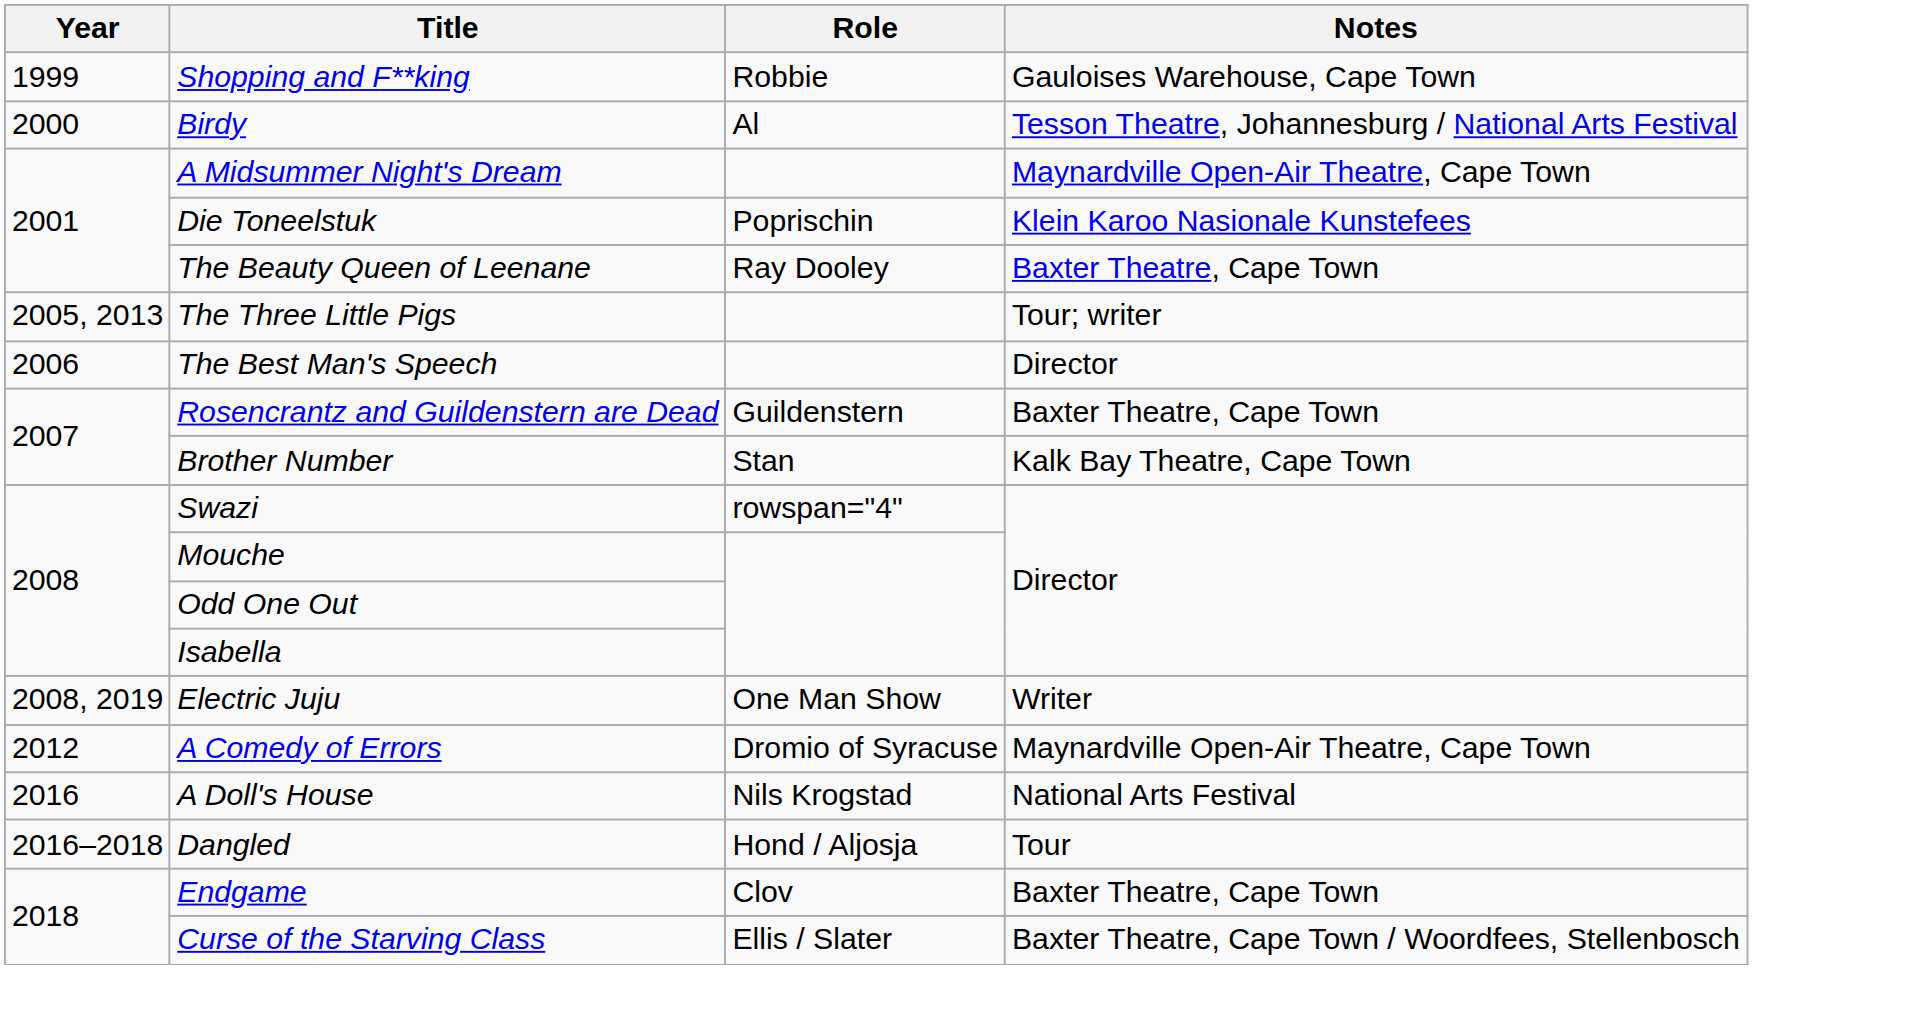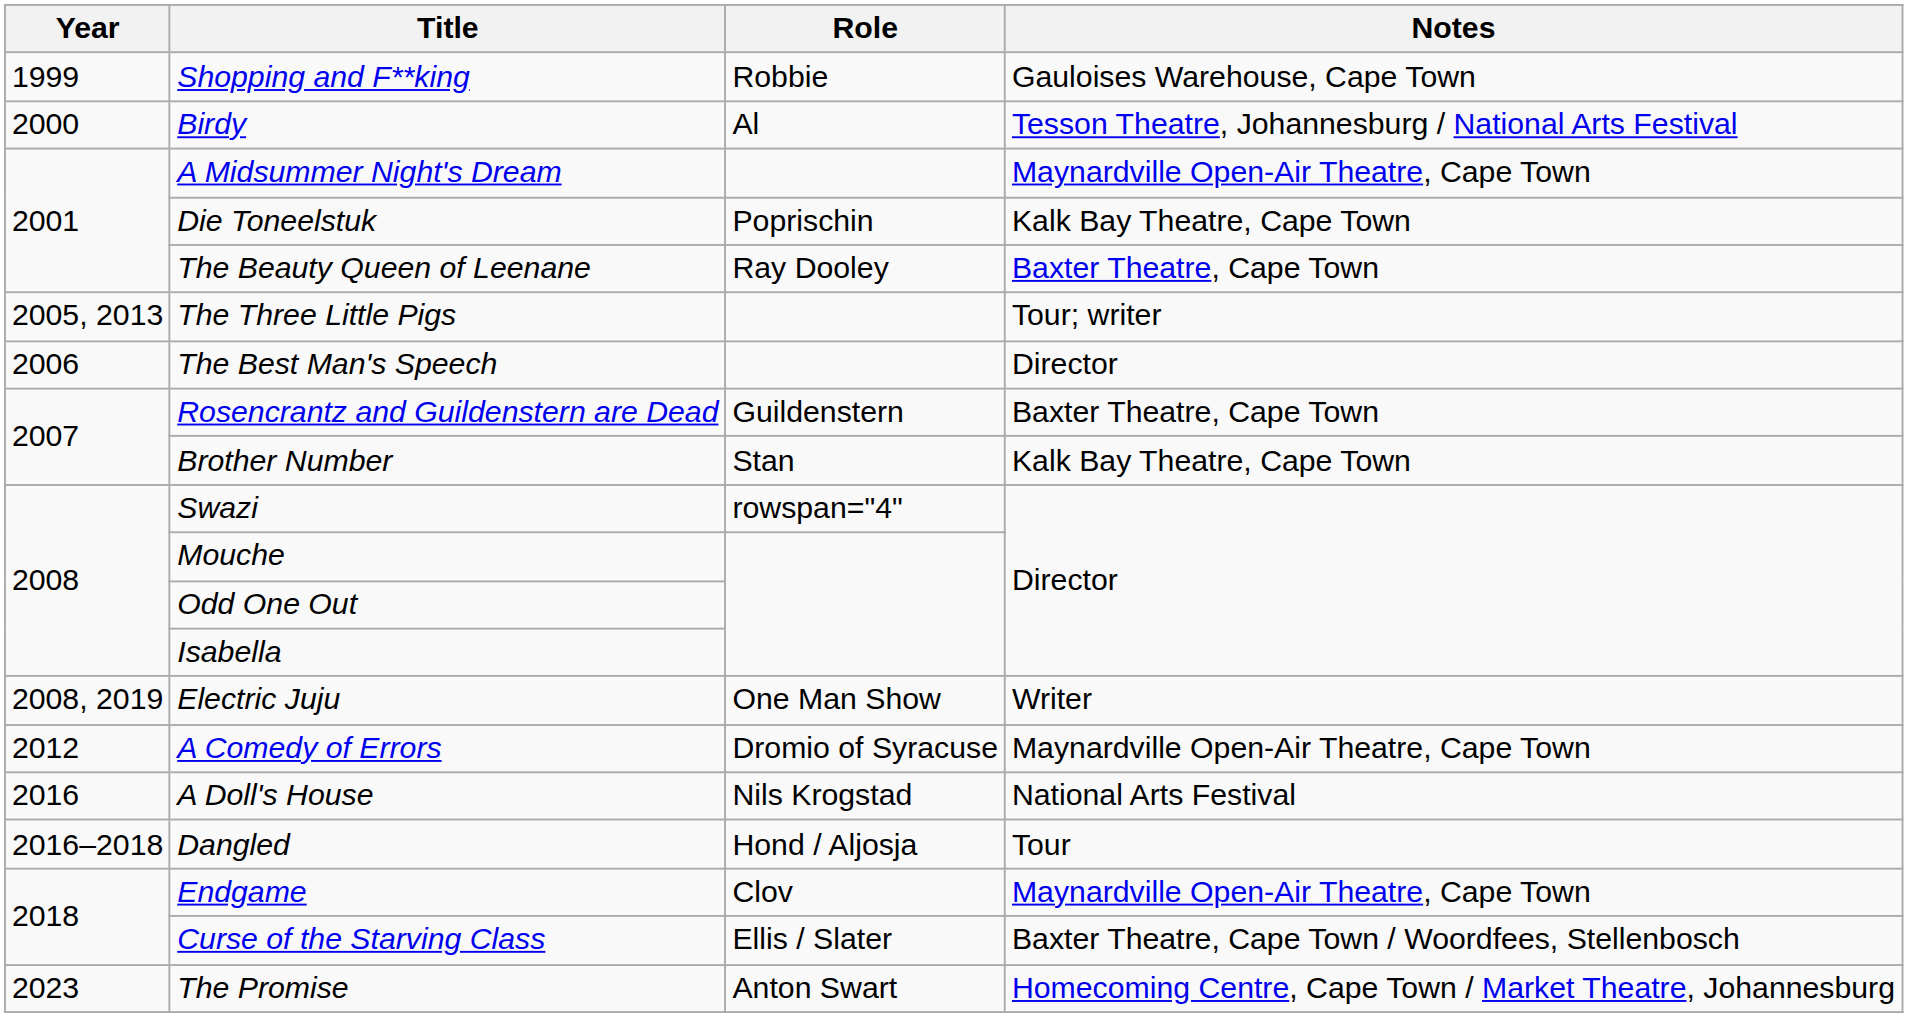 <table class="wikitable sortable">
 <tr>
 <th>Year</th>
 <th>Title</th>
 <th>Role</th>
 <th class="unsortable">Notes</th>
 </tr>
 <tr>
 <td>1999</td>
 <td><em><a href='#'>Shopping and F**king</a></em></td>
 <td>Robbie</td>
 <td>Gauloises Warehouse, Cape Town</td>
 </tr>
 <tr>
 <td>2000</td>
 <td><em><a href='#'>Birdy</a></em></td>
 <td>Al</td>
 <td><a href='#'>Tesson Theatre</a>, Johannesburg / <a href='#'>National Arts Festival</a></td>
 </tr>
 <tr>
 <td rowspan="3">2001</td>
 <td><em><a href='#'>A Midsummer Night's Dream</a></em></td>
 <td></td>
 <td><a href='#'>Maynardville Open-Air Theatre</a>, Cape Town</td>
 </tr>
 <tr>
 <td><em>Die Toneelstuk</em></td>
 <td>Poprischin</td>
-<td><a href='#'>Klein Karoo Nasionale Kunstefees</a></td>
+<td>Kalk Bay Theatre, Cape Town</td>
 </tr>
 <tr>
 <td><em>The Beauty Queen of Leenane</em></td>
 <td>Ray Dooley</td>
 <td><a href='#'>Baxter Theatre</a>, Cape Town</td>
 </tr>
 <tr>
 <td>2005, 2013</td>
 <td><em>The Three Little Pigs</em></td>
 <td></td>
 <td>Tour; writer</td>
 </tr>
 <tr>
 <td>2006</td>
 <td><em>The Best Man's Speech</em></td>
 <td></td>
 <td>Director</td>
 </tr>
 <tr>
 <td rowspan="2">2007</td>
 <td><em><a href='#'>Rosencrantz and Guildenstern are Dead</a></em></td>
 <td>Guildenstern</td>
 <td>Baxter Theatre, Cape Town</td>
 </tr>
 <tr>
 <td><em>Brother Number</em></td>
 <td>Stan</td>
 <td>Kalk Bay Theatre, Cape Town</td>
 </tr>
 <tr>
 <td rowspan="4">2008</td>
 <td><em>Swazi</em></td>
 <td>rowspan="4" </td>
 <td rowspan="4">Director</td>
 </tr>
 <tr>
 <td><em>Mouche</em></td>
 </tr>
 <tr>
 <td><em>Odd One Out</em></td>
 </tr>
 <tr>
 <td><em>Isabella</em></td>
 </tr>
 <tr>
 <td>2008, 2019</td>
 <td><em>Electric Juju</em></td>
 <td>One Man Show</td>
 <td>Writer</td>
 </tr>
 <tr>
 <td>2012</td>
 <td><em><a href='#'>A Comedy of Errors</a></em></td>
 <td>Dromio of Syracuse</td>
 <td>Maynardville Open-Air Theatre, Cape Town</td>
 </tr>
 <tr>
 <td>2016</td>
 <td><em>A Doll's House</em></td>
 <td>Nils Krogstad</td>
 <td>National Arts Festival</td>
 </tr>
 <tr>
 <td>2016–2018</td>
 <td><em>Dangled</em></td>
 <td>Hond / Aljosja</td>
 <td>Tour</td>
 </tr>
 <tr>
 <td rowspan="2">2018</td>
 <td><em><a href='#'>Endgame</a></em></td>
 <td>Clov</td>
-<td>Baxter Theatre, Cape Town</td>
+<td><a href='#'>Maynardville Open-Air Theatre</a>, Cape Town</td>
 </tr>
 <tr>
 <td><em><a href='#'>Curse of the Starving Class</a></em></td>
 <td>Ellis / Slater</td>
 <td>Baxter Theatre, Cape Town / Woordfees, Stellenbosch</td>
 </tr>
 <tr>
+<td>2023</td>
+<td><em>The Promise</em></td>
+<td>Anton Swart</td>
+<td><a href='#'>Homecoming Centre</a>, Cape Town / <a href='#'>Market Theatre</a>, Johannesburg</td>
+</tr>
+<tr>
 </tr>
 </table>
